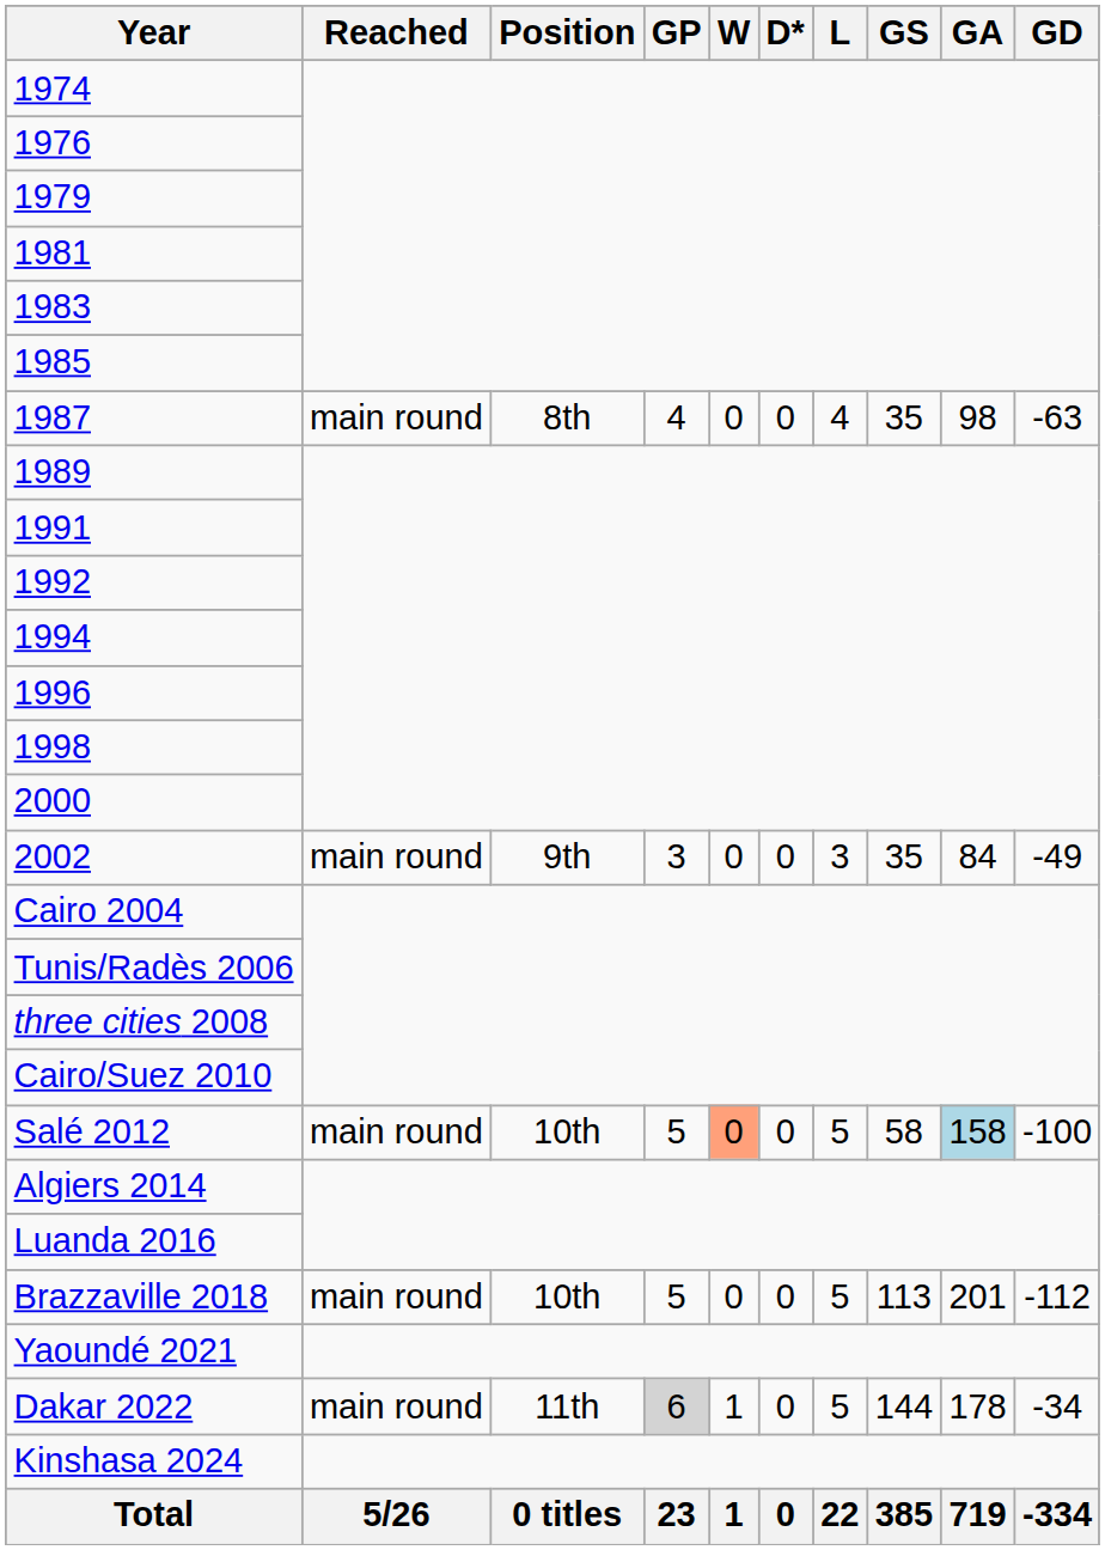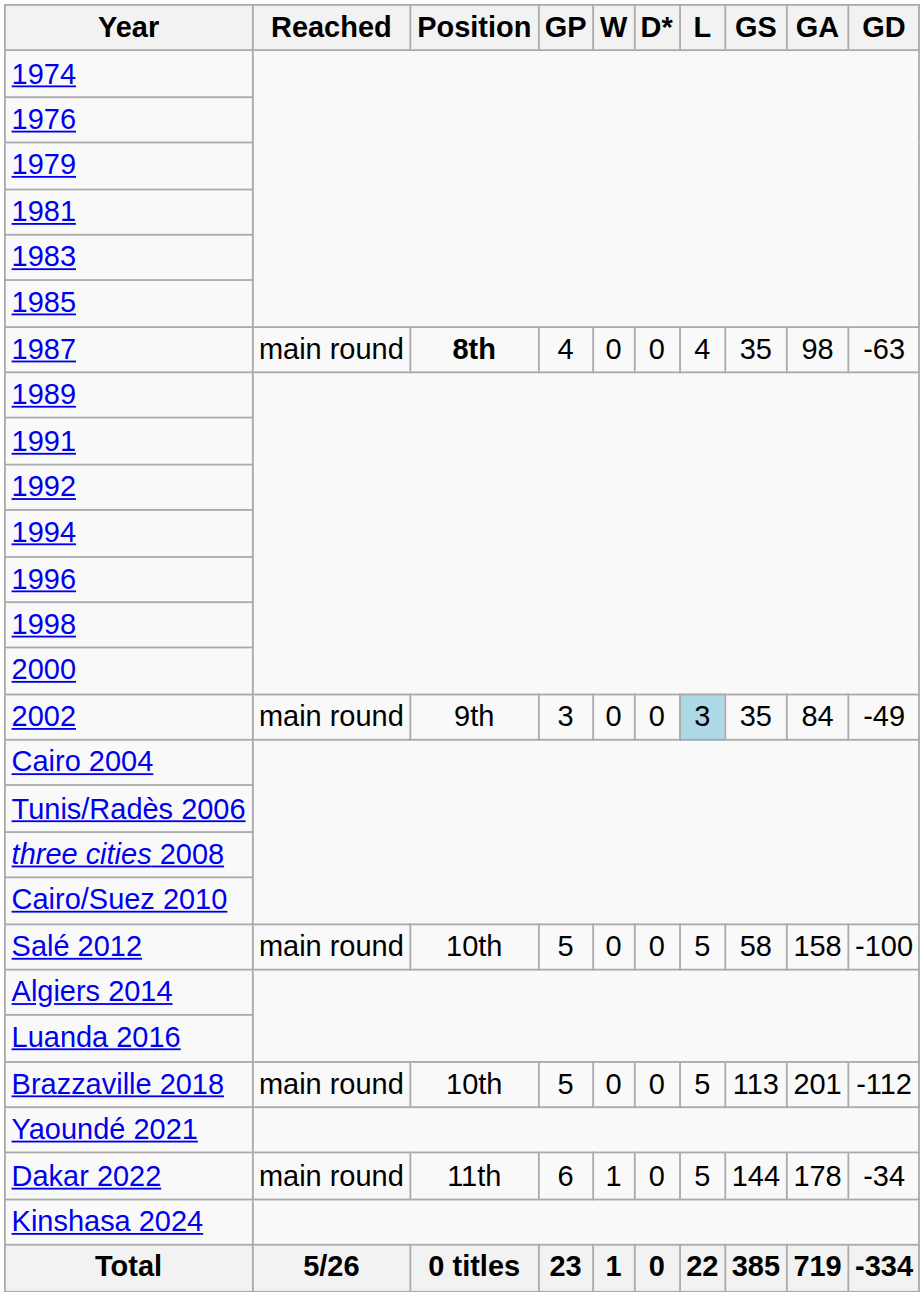 <table class="wikitable" style="text-align: center;">
 <tr>
 <th>Year</th>
 <th>Reached</th>
 <th>Position</th>
 <th>GP</th>
 <th>W</th>
 <th>D*</th>
 <th>L</th>
 <th>GS</th>
 <th>GA</th>
 <th>GD</th>
 </tr>
 <tr>
 <td align=left> <a href='#'>1974</a></td>
 </tr>
 <tr>
 <td align=left> <a href='#'>1976</a></td>
 </tr>
 <tr>
 <td align=left> <a href='#'>1979</a></td>
 </tr>
 <tr>
 <td align=left> <a href='#'>1981</a></td>
 </tr>
 <tr>
 <td align=left> <a href='#'>1983</a></td>
 </tr>
 <tr>
 <td align=left> <a href='#'>1985</a></td>
 </tr>
 <tr>
 <td align=left> <a href='#'>1987</a></td>
 <td>main round</td>
-<td>8th</td>
+<td><strong>8th</strong></td>
 <td>4</td>
 <td>0</td>
 <td>0</td>
 <td>4</td>
 <td>35</td>
 <td>98</td>
 <td>-63</td>
 </tr>
 <tr>
 <td align=left> <a href='#'>1989</a></td>
 </tr>
 <tr>
 <td align=left> <a href='#'>1991</a></td>
 </tr>
 <tr>
 <td align=left> <a href='#'>1992</a></td>
 </tr>
 <tr>
 <td align=left> <a href='#'>1994</a></td>
 </tr>
 <tr>
 <td align=left> <a href='#'>1996</a></td>
 </tr>
 <tr>
 <td align=left> <a href='#'>1998</a></td>
 </tr>
 <tr>
 <td align=left> <a href='#'>2000</a></td>
 </tr>
 <tr>
 <td align=left> <a href='#'>2002</a></td>
 <td>main round</td>
 <td>9th</td>
 <td>3</td>
 <td>0</td>
 <td>0</td>
-<td>3</td>
+<td style="background: lightblue;">3</td>
 <td>35</td>
 <td>84</td>
 <td>-49</td>
 </tr>
 <tr>
 <td align=left> <a href='#'>Cairo 2004</a></td>
 </tr>
 <tr>
 <td align=left> <a href='#'>Tunis/Radès 2006</a></td>
 </tr>
 <tr>
 <td align=left> <a href='#'><em>three cities</em> 2008</a></td>
 </tr>
 <tr>
 <td align=left> <a href='#'>Cairo/Suez 2010</a></td>
 </tr>
 <tr>
 <td align=left> <a href='#'>Salé 2012</a></td>
 <td>main round</td>
 <td>10th</td>
 <td>5</td>
-<td style="background: lightsalmon;">0</td>
+<td>0</td>
 <td>0</td>
 <td>5</td>
 <td>58</td>
-<td style="background: lightblue;">158</td>
+<td>158</td>
 <td>-100</td>
 </tr>
 <tr>
 <td align=left> <a href='#'>Algiers 2014</a></td>
 </tr>
 <tr>
 <td align=left> <a href='#'>Luanda 2016</a></td>
 </tr>
 <tr>
 <td align=left> <a href='#'>Brazzaville 2018</a></td>
 <td>main round</td>
 <td>10th</td>
 <td>5</td>
 <td>0</td>
 <td>0</td>
 <td>5</td>
 <td>113</td>
 <td>201</td>
 <td>-112</td>
 </tr>
 <tr>
 <td align=left> <a href='#'>Yaoundé 2021</a></td>
 </tr>
 <tr>
 <td align=left> <a href='#'>Dakar 2022</a></td>
 <td>main round</td>
 <td>11th</td>
-<td style="background: lightgrey;">6</td>
+<td>6</td>
 <td>1</td>
 <td>0</td>
 <td>5</td>
 <td>144</td>
 <td>178</td>
 <td>-34</td>
 </tr>
 <tr>
 <td align=left> <a href='#'>Kinshasa 2024</a></td>
 </tr>
 <tr>
 <th>Total</th>
 <th>5/26</th>
 <th>0 titles</th>
 <th>23</th>
 <th>1</th>
 <th>0</th>
 <th>22</th>
 <th>385</th>
 <th>719</th>
 <th>-334</th>
 </tr>
 </table>
